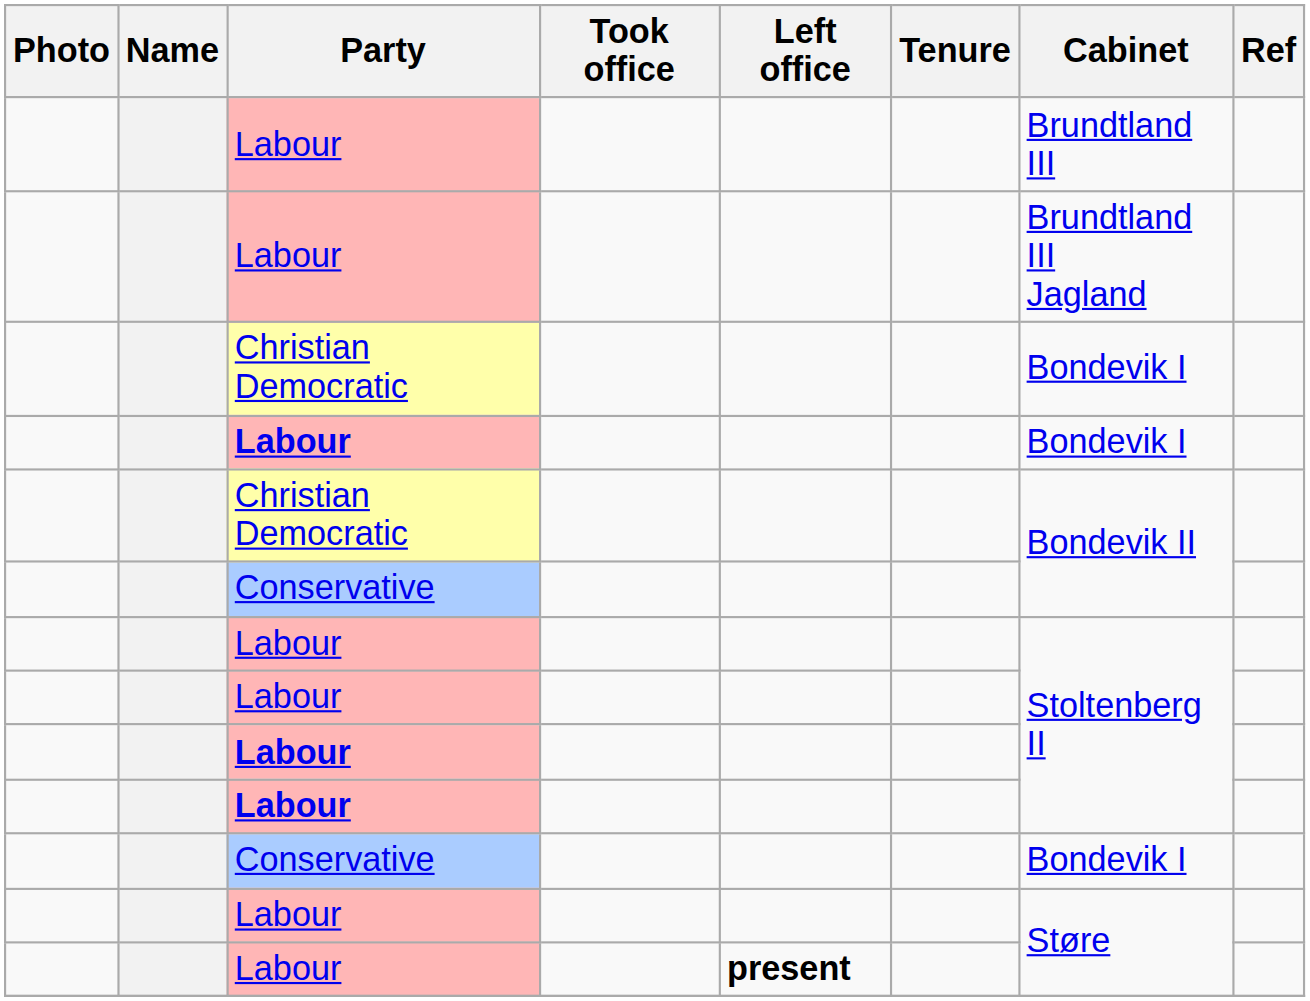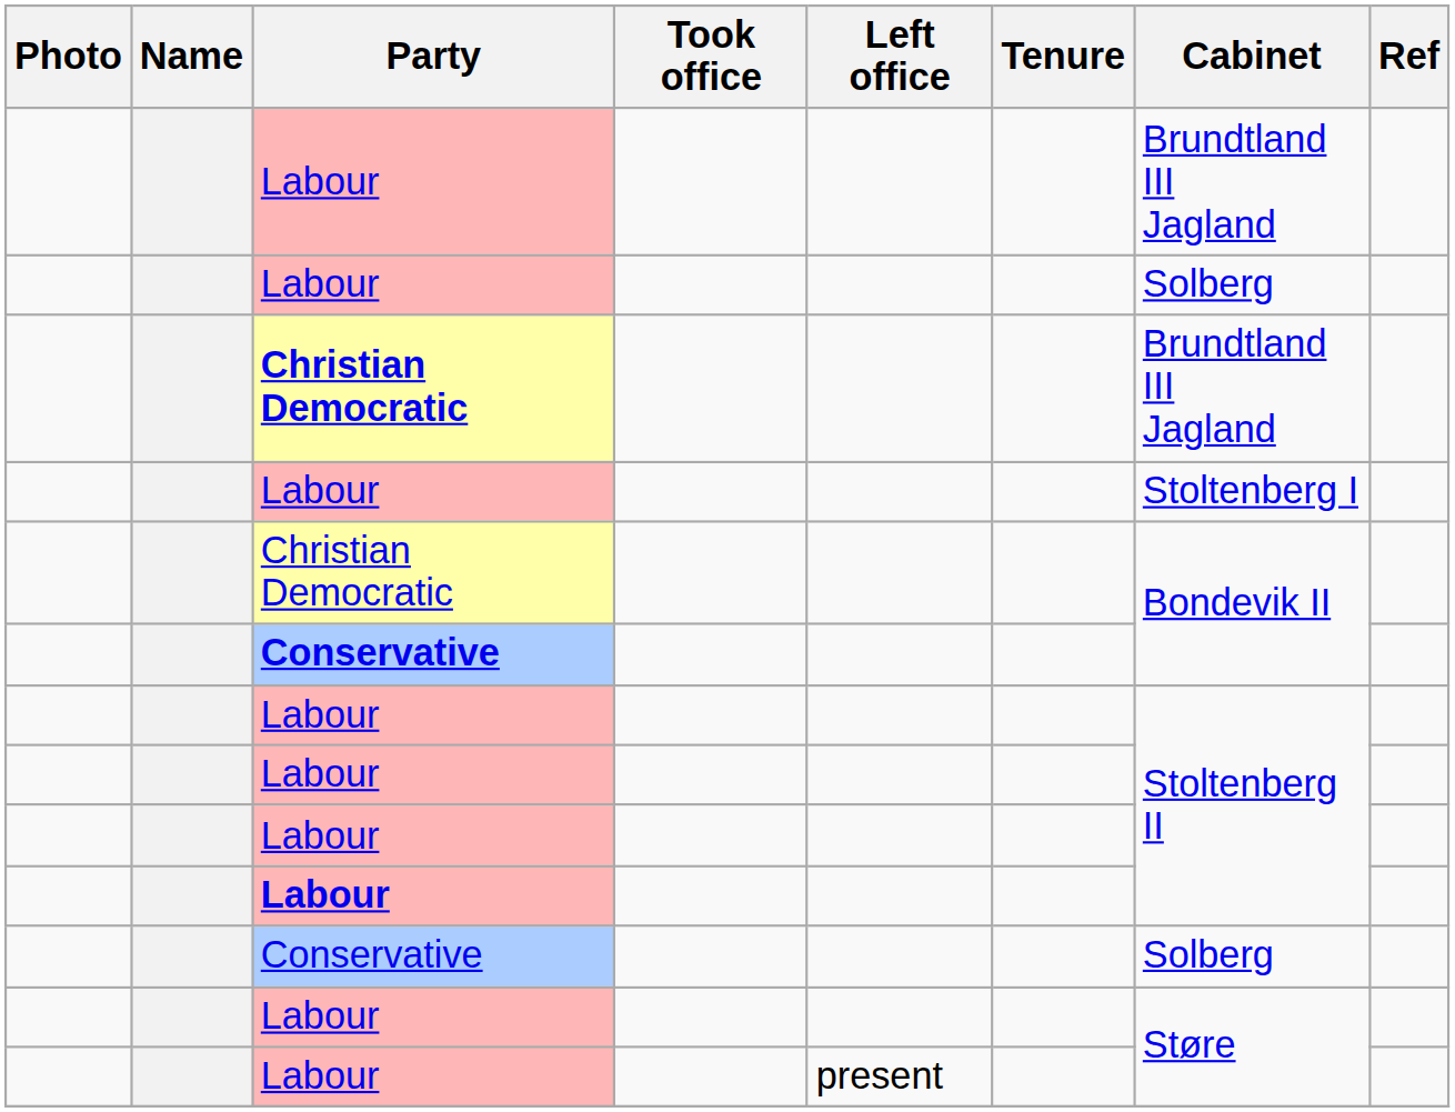 <table class="wikitable plainrowheaders sortable">
 <tr>
 <th scope=col class=unsortable>Photo</th>
 <th scope=col>Name</th>
 <th scope=col>Party</th>
 <th scope=col>Took office</th>
 <th scope=col>Left office</th>
 <th scope=col>Tenure</th>
 <th scope=col>Cabinet</th>
 <th scope=col class=unsortable>Ref</th>
 </tr>
 <tr>
 <td align=center></td>
 <th scope=row></th>
 <td style="background:#FFB6B6"><a href='#'>Labour</a></td>
 <td></td>
 <td></td>
 <td></td>
-<td><a href='#'>Brundtland III</a></td>
+<td><a href='#'>Brundtland III</a><br><a href='#'>Jagland</a></td>
 <td align=center></td>
 </tr>
 <tr>
 <td align=center></td>
 <th scope=row></th>
 <td style="background:#FFB6B6"><a href='#'>Labour</a></td>
 <td></td>
 <td></td>
 <td></td>
+<td><a href='#'>Solberg</a></td>
+<td align=center></td>
+</tr>
+<tr>
+<td align=center></td>
+<th scope=row></th>
+<td style="background:#FFFFAA"><strong><a href='#'>Christian Democratic</a></strong></td>
+<td></td>
+<td></td>
+<td></td>
 <td><a href='#'>Brundtland III</a><br><a href='#'>Jagland</a></td>
 <td align=center></td>
 </tr>
 <tr>
 <td align=center></td>
 <th scope=row></th>
-<td style="background:#FFFFAA"><a href='#'>Christian Democratic</a></td>
+<td style="background:#FFB6B6"><a href='#'>Labour</a></td>
 <td></td>
 <td></td>
 <td></td>
-<td><a href='#'>Bondevik I</a></td>
-<td align=center></td>
-</tr>
-<tr>
-<td align=center></td>
-<th scope=row></th>
-<td style="background:#FFB6B6"><strong><a href='#'>Labour</a></strong></td>
-<td></td>
-<td></td>
-<td></td>
-<td><a href='#'>Bondevik I</a></td>
+<td><a href='#'>Stoltenberg I</a></td>
 <td align=center></td>
 </tr>
 <tr>
 <td align=center></td>
 <th scope=row></th>
 <td style="background:#FFFFAA"><a href='#'>Christian Democratic</a></td>
 <td></td>
 <td></td>
 <td></td>
 <td rowspan=2><a href='#'>Bondevik II</a></td>
 <td align=center></td>
 </tr>
 <tr>
 <td align=center></td>
 <th scope=row></th>
-<td style="background:#AACCFF"><a href='#'>Conservative</a></td>
+<td style="background:#AACCFF"><strong><a href='#'>Conservative</a></strong></td>
 <td></td>
 <td></td>
 <td></td>
 <td align=center></td>
 </tr>
 <tr>
 <td align=center></td>
 <th scope=row></th>
 <td style="background:#FFB6B6"><a href='#'>Labour</a></td>
 <td></td>
 <td></td>
 <td></td>
 <td rowspan=4><a href='#'>Stoltenberg II</a></td>
 <td align=center></td>
 </tr>
 <tr>
 <td align=center></td>
 <th scope=row></th>
 <td style="background:#FFB6B6"><a href='#'>Labour</a></td>
 <td></td>
 <td></td>
 <td></td>
 <td align=center></td>
 </tr>
 <tr>
 <td align=center></td>
 <th scope=row></th>
-<td style="background:#FFB6B6"><strong><a href='#'>Labour</a></strong></td>
+<td style="background:#FFB6B6"><a href='#'>Labour</a></td>
 <td></td>
 <td></td>
 <td></td>
 <td align=center></td>
 </tr>
 <tr>
 <td align=center></td>
 <th scope=row></th>
 <td style="background:#FFB6B6"><strong><a href='#'>Labour</a></strong></td>
 <td></td>
 <td></td>
 <td></td>
 <td align=center></td>
 </tr>
 <tr>
 <td align=center></td>
 <th scope=row></th>
 <td style="background:#AACCFF"><a href='#'>Conservative</a></td>
 <td></td>
 <td></td>
 <td></td>
-<td><a href='#'>Bondevik I</a></td>
+<td><a href='#'>Solberg</a></td>
 <td align=center></td>
 </tr>
 <tr>
 <td align=center></td>
 <th scope=row></th>
 <td style="background:#FFB6B6"><a href='#'>Labour</a></td>
 <td></td>
 <td></td>
 <td></td>
 <td rowspan=2><a href='#'>Støre</a></td>
 <td align=center></td>
 </tr>
 <tr>
 <td align=center></td>
 <th scope=row></th>
 <td style="background:#FFB6B6"><a href='#'>Labour</a></td>
 <td></td>
-<td><strong>present</strong></td>
+<td>present</td>
 <td></td>
 <td align=center></td>
 </tr>
 <tr>
 </tr>
 </table>
